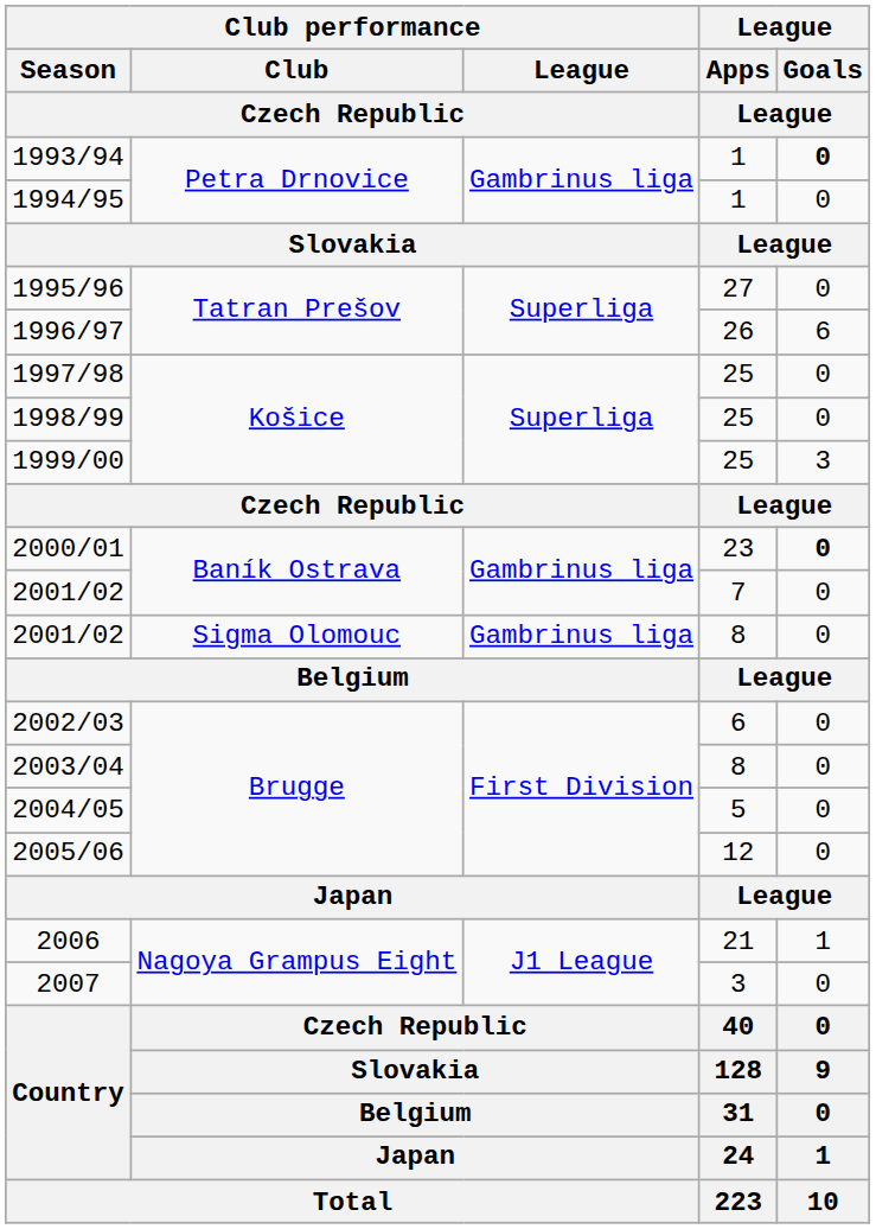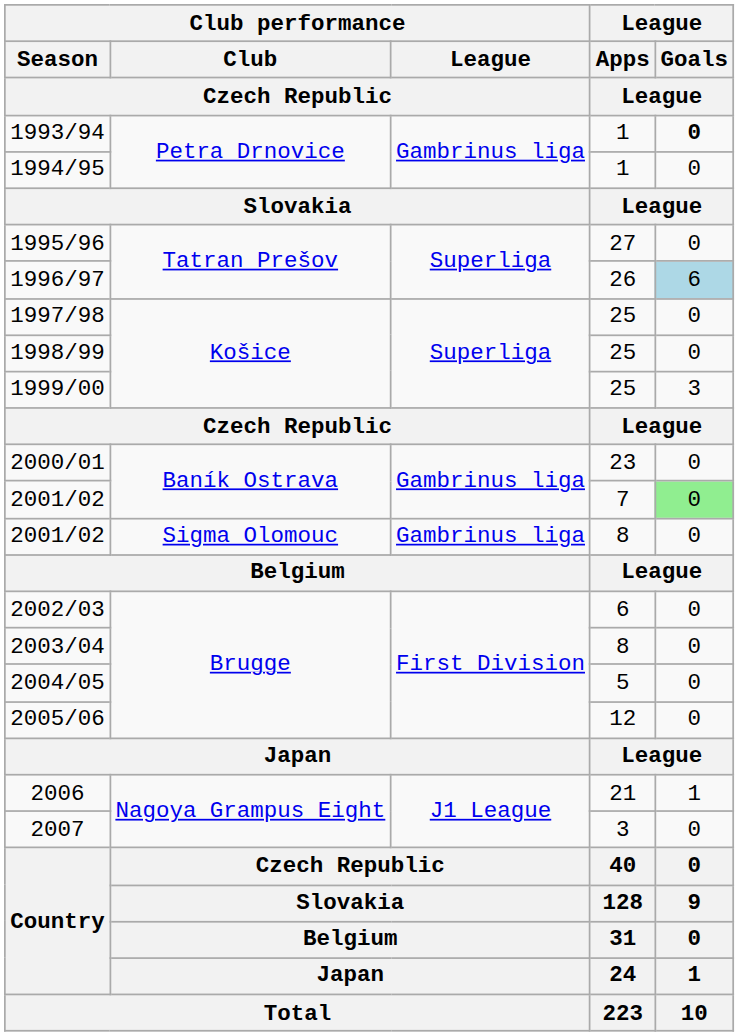 <table class="wikitable" style="text-align:center;">
 <tr>
 <th colspan=3>Club performance</th>
 <th colspan=2>League</th>
 </tr>
 <tr>
 <th>Season</th>
 <th>Club</th>
 <th>League</th>
 <th>Apps</th>
 <th>Goals</th>
 </tr>
 <tr>
 <th colspan=3>Czech Republic</th>
 <th colspan=2>League</th>
 </tr>
 <tr>
 <td>1993/94</td>
 <td rowspan="2"><a href='#'>Petra Drnovice</a></td>
 <td rowspan="2"><a href='#'>Gambrinus liga</a></td>
 <td>1</td>
 <td><strong>0</strong></td>
 </tr>
 <tr>
 <td>1994/95</td>
 <td>1</td>
 <td>0</td>
 </tr>
 <tr>
 <th colspan=3>Slovakia</th>
 <th colspan=2>League</th>
 </tr>
 <tr>
 <td>1995/96</td>
 <td rowspan="2"><a href='#'>Tatran Prešov</a></td>
 <td rowspan="2"><a href='#'>Superliga</a></td>
 <td>27</td>
 <td>0</td>
 </tr>
 <tr>
 <td>1996/97</td>
 <td>26</td>
-<td>6</td>
+<td style="background: lightblue;">6</td>
 </tr>
 <tr>
 <td>1997/98</td>
 <td rowspan="3"><a href='#'>Košice</a></td>
 <td rowspan="3"><a href='#'>Superliga</a></td>
 <td>25</td>
 <td>0</td>
 </tr>
 <tr>
 <td>1998/99</td>
 <td>25</td>
 <td>0</td>
 </tr>
 <tr>
 <td>1999/00</td>
 <td>25</td>
 <td>3</td>
 </tr>
 <tr>
 <th colspan=3>Czech Republic</th>
 <th colspan=2>League</th>
 </tr>
 <tr>
 <td>2000/01</td>
 <td rowspan="2"><a href='#'>Baník Ostrava</a></td>
 <td rowspan="2"><a href='#'>Gambrinus liga</a></td>
 <td>23</td>
-<td><strong>0</strong></td>
+<td>0</td>
 </tr>
 <tr>
 <td>2001/02</td>
 <td>7</td>
-<td>0</td>
+<td style="background: lightgreen;">0</td>
 </tr>
 <tr>
 <td>2001/02</td>
 <td><a href='#'>Sigma Olomouc</a></td>
 <td><a href='#'>Gambrinus liga</a></td>
 <td>8</td>
 <td>0</td>
 </tr>
 <tr>
 <th colspan=3>Belgium</th>
 <th colspan=2>League</th>
 </tr>
 <tr>
 <td>2002/03</td>
 <td rowspan="4"><a href='#'>Brugge</a></td>
 <td rowspan="4"><a href='#'>First Division</a></td>
 <td>6</td>
 <td>0</td>
 </tr>
 <tr>
 <td>2003/04</td>
 <td>8</td>
 <td>0</td>
 </tr>
 <tr>
 <td>2004/05</td>
 <td>5</td>
 <td>0</td>
 </tr>
 <tr>
 <td>2005/06</td>
 <td>12</td>
 <td>0</td>
 </tr>
 <tr>
 <th colspan=3>Japan</th>
 <th colspan=2>League</th>
 </tr>
 <tr>
 <td>2006</td>
 <td rowspan="2"><a href='#'>Nagoya Grampus Eight</a></td>
 <td rowspan="2"><a href='#'>J1 League</a></td>
 <td>21</td>
 <td>1</td>
 </tr>
 <tr>
 <td>2007</td>
 <td>3</td>
 <td>0</td>
 </tr>
 <tr>
 <th rowspan=4>Country</th>
 <th colspan=2>Czech Republic</th>
 <th>40</th>
 <th>0</th>
 </tr>
 <tr>
 <th colspan=2>Slovakia</th>
 <th>128</th>
 <th>9</th>
 </tr>
 <tr>
 <th colspan=2>Belgium</th>
 <th>31</th>
 <th>0</th>
 </tr>
 <tr>
 <th colspan=2>Japan</th>
 <th>24</th>
 <th>1</th>
 </tr>
 <tr>
 <th colspan=3>Total</th>
 <th>223</th>
 <th>10</th>
 </tr>
 </table>
